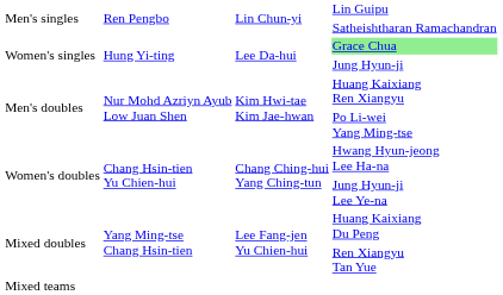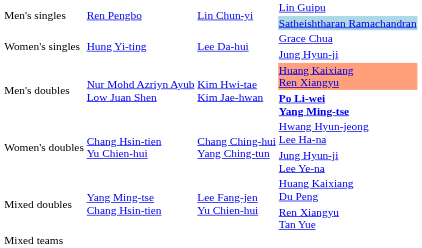 <table>
 <tr>
 <td rowspan="2">Men's singles</td>
 <td rowspan="2"> <a href='#'>Ren Pengbo</a></td>
 <td rowspan="2"> <a href='#'>Lin Chun-yi</a></td>
 <td> <a href='#'>Lin Guipu</a></td>
 </tr>
 <tr>
-<td> <a href='#'>Satheishtharan Ramachandran</a></td>
+<td style="background: lightblue;"> <a href='#'>Satheishtharan Ramachandran</a></td>
 </tr>
 <tr>
 <td rowspan="2">Women's singles</td>
 <td rowspan="2"> <a href='#'>Hung Yi-ting</a></td>
 <td rowspan="2"> <a href='#'>Lee Da-hui</a></td>
-<td style="background: lightgreen;"> <a href='#'>Grace Chua</a></td>
+<td> <a href='#'>Grace Chua</a></td>
 </tr>
 <tr>
 <td> <a href='#'>Jung Hyun-ji</a></td>
 </tr>
 <tr>
 <td rowspan="2">Men's doubles</td>
 <td rowspan="2"> <a href='#'>Nur Mohd Azriyn Ayub</a><br> <a href='#'>Low Juan Shen</a></td>
 <td rowspan="2"> <a href='#'>Kim Hwi-tae</a><br> <a href='#'>Kim Jae-hwan</a></td>
-<td> <a href='#'>Huang Kaixiang</a><br> <a href='#'>Ren Xiangyu</a></td>
+<td style="background: lightsalmon;"> <a href='#'>Huang Kaixiang</a><br> <a href='#'>Ren Xiangyu</a></td>
 </tr>
 <tr>
-<td> <a href='#'>Po Li-wei</a><br> <a href='#'>Yang Ming-tse</a></td>
+<td><strong> <a href='#'>Po Li-wei</a><br> <a href='#'>Yang Ming-tse</a></strong></td>
 </tr>
 <tr>
 <td rowspan="2">Women's doubles</td>
 <td rowspan="2"> <a href='#'>Chang Hsin-tien</a><br> <a href='#'>Yu Chien-hui</a></td>
 <td rowspan="2"> <a href='#'>Chang Ching-hui</a><br> <a href='#'>Yang Ching-tun</a></td>
 <td> <a href='#'>Hwang Hyun-jeong</a><br> <a href='#'>Lee Ha-na</a></td>
 </tr>
 <tr>
 <td> <a href='#'>Jung Hyun-ji</a><br> <a href='#'>Lee Ye-na</a></td>
 </tr>
 <tr>
 <td rowspan="2">Mixed doubles</td>
 <td rowspan="2"> <a href='#'>Yang Ming-tse</a><br> <a href='#'>Chang Hsin-tien</a></td>
 <td rowspan="2"> <a href='#'>Lee Fang-jen</a><br> <a href='#'>Yu Chien-hui</a></td>
 <td> <a href='#'>Huang Kaixiang</a><br> <a href='#'>Du Peng</a></td>
 </tr>
 <tr>
 <td> <a href='#'>Ren Xiangyu</a><br> <a href='#'>Tan Yue</a></td>
 </tr>
 <tr>
 <td rowspan="2">Mixed teams</td>
 <td align="center" rowspan="2"></td>
 <td align="center" rowspan="2"></td>
 <td align="center"></td>
 </tr>
 <tr>
 <td align="center"></td>
 </tr>
 </table>
